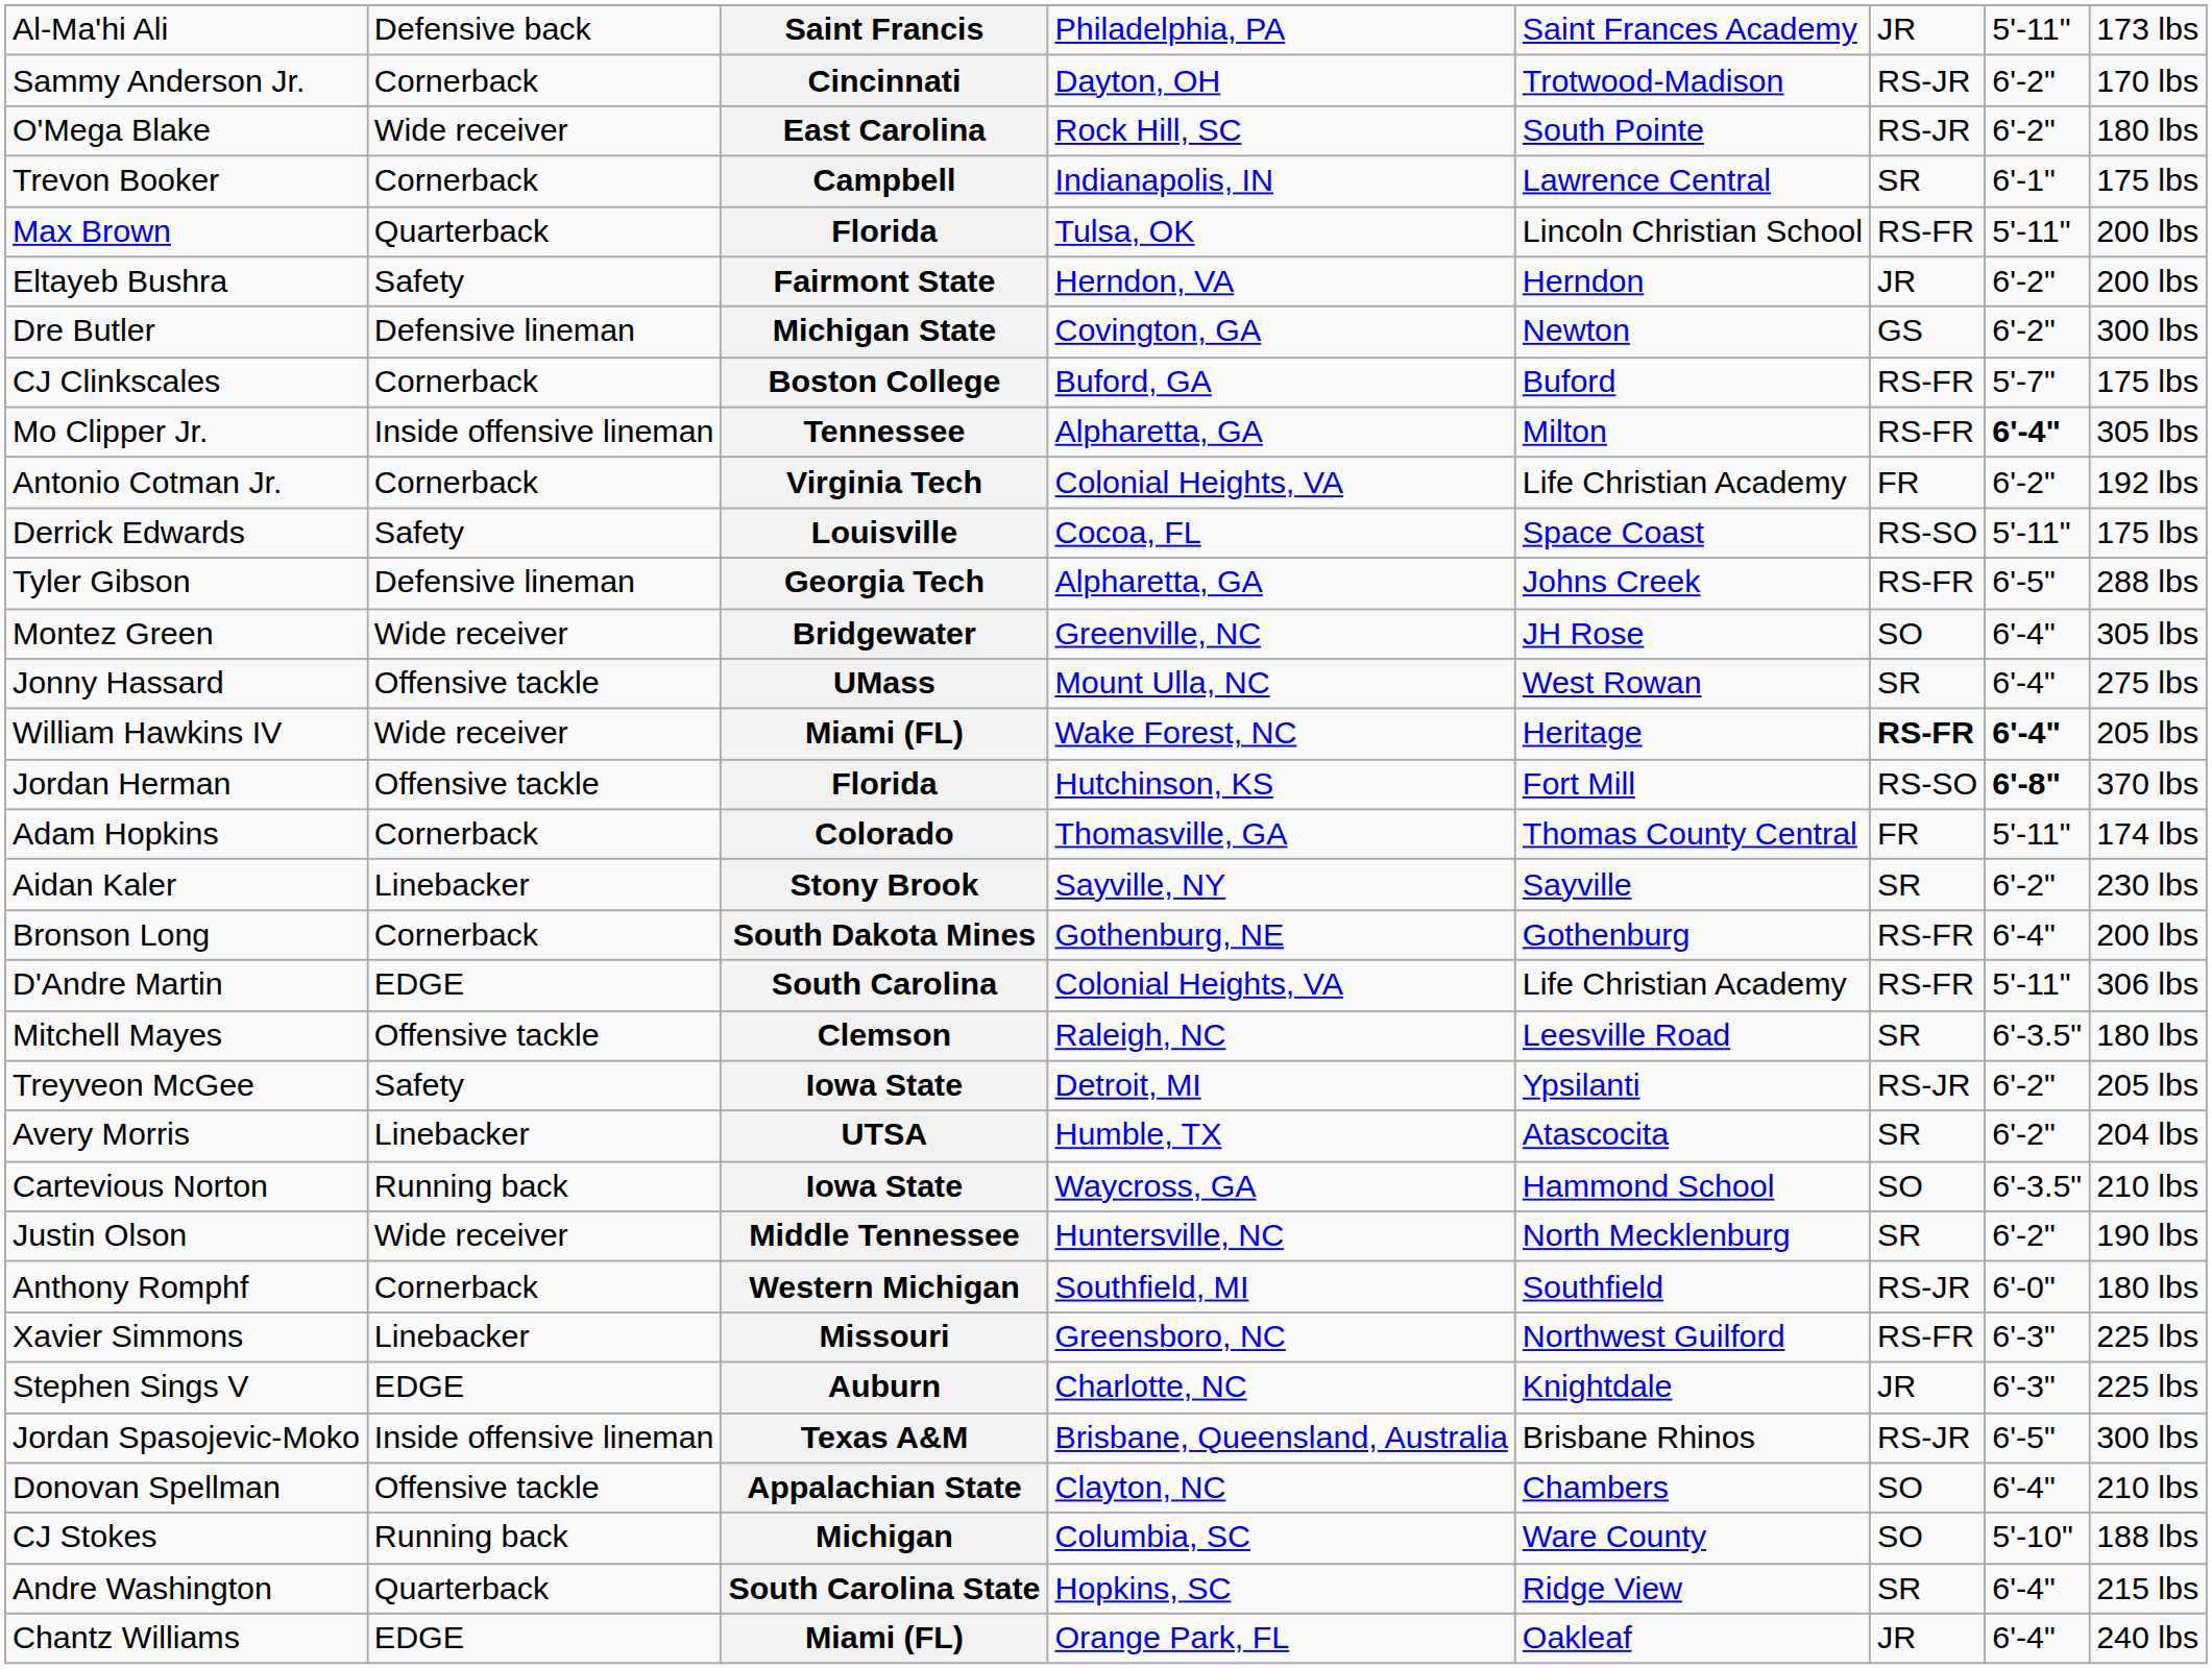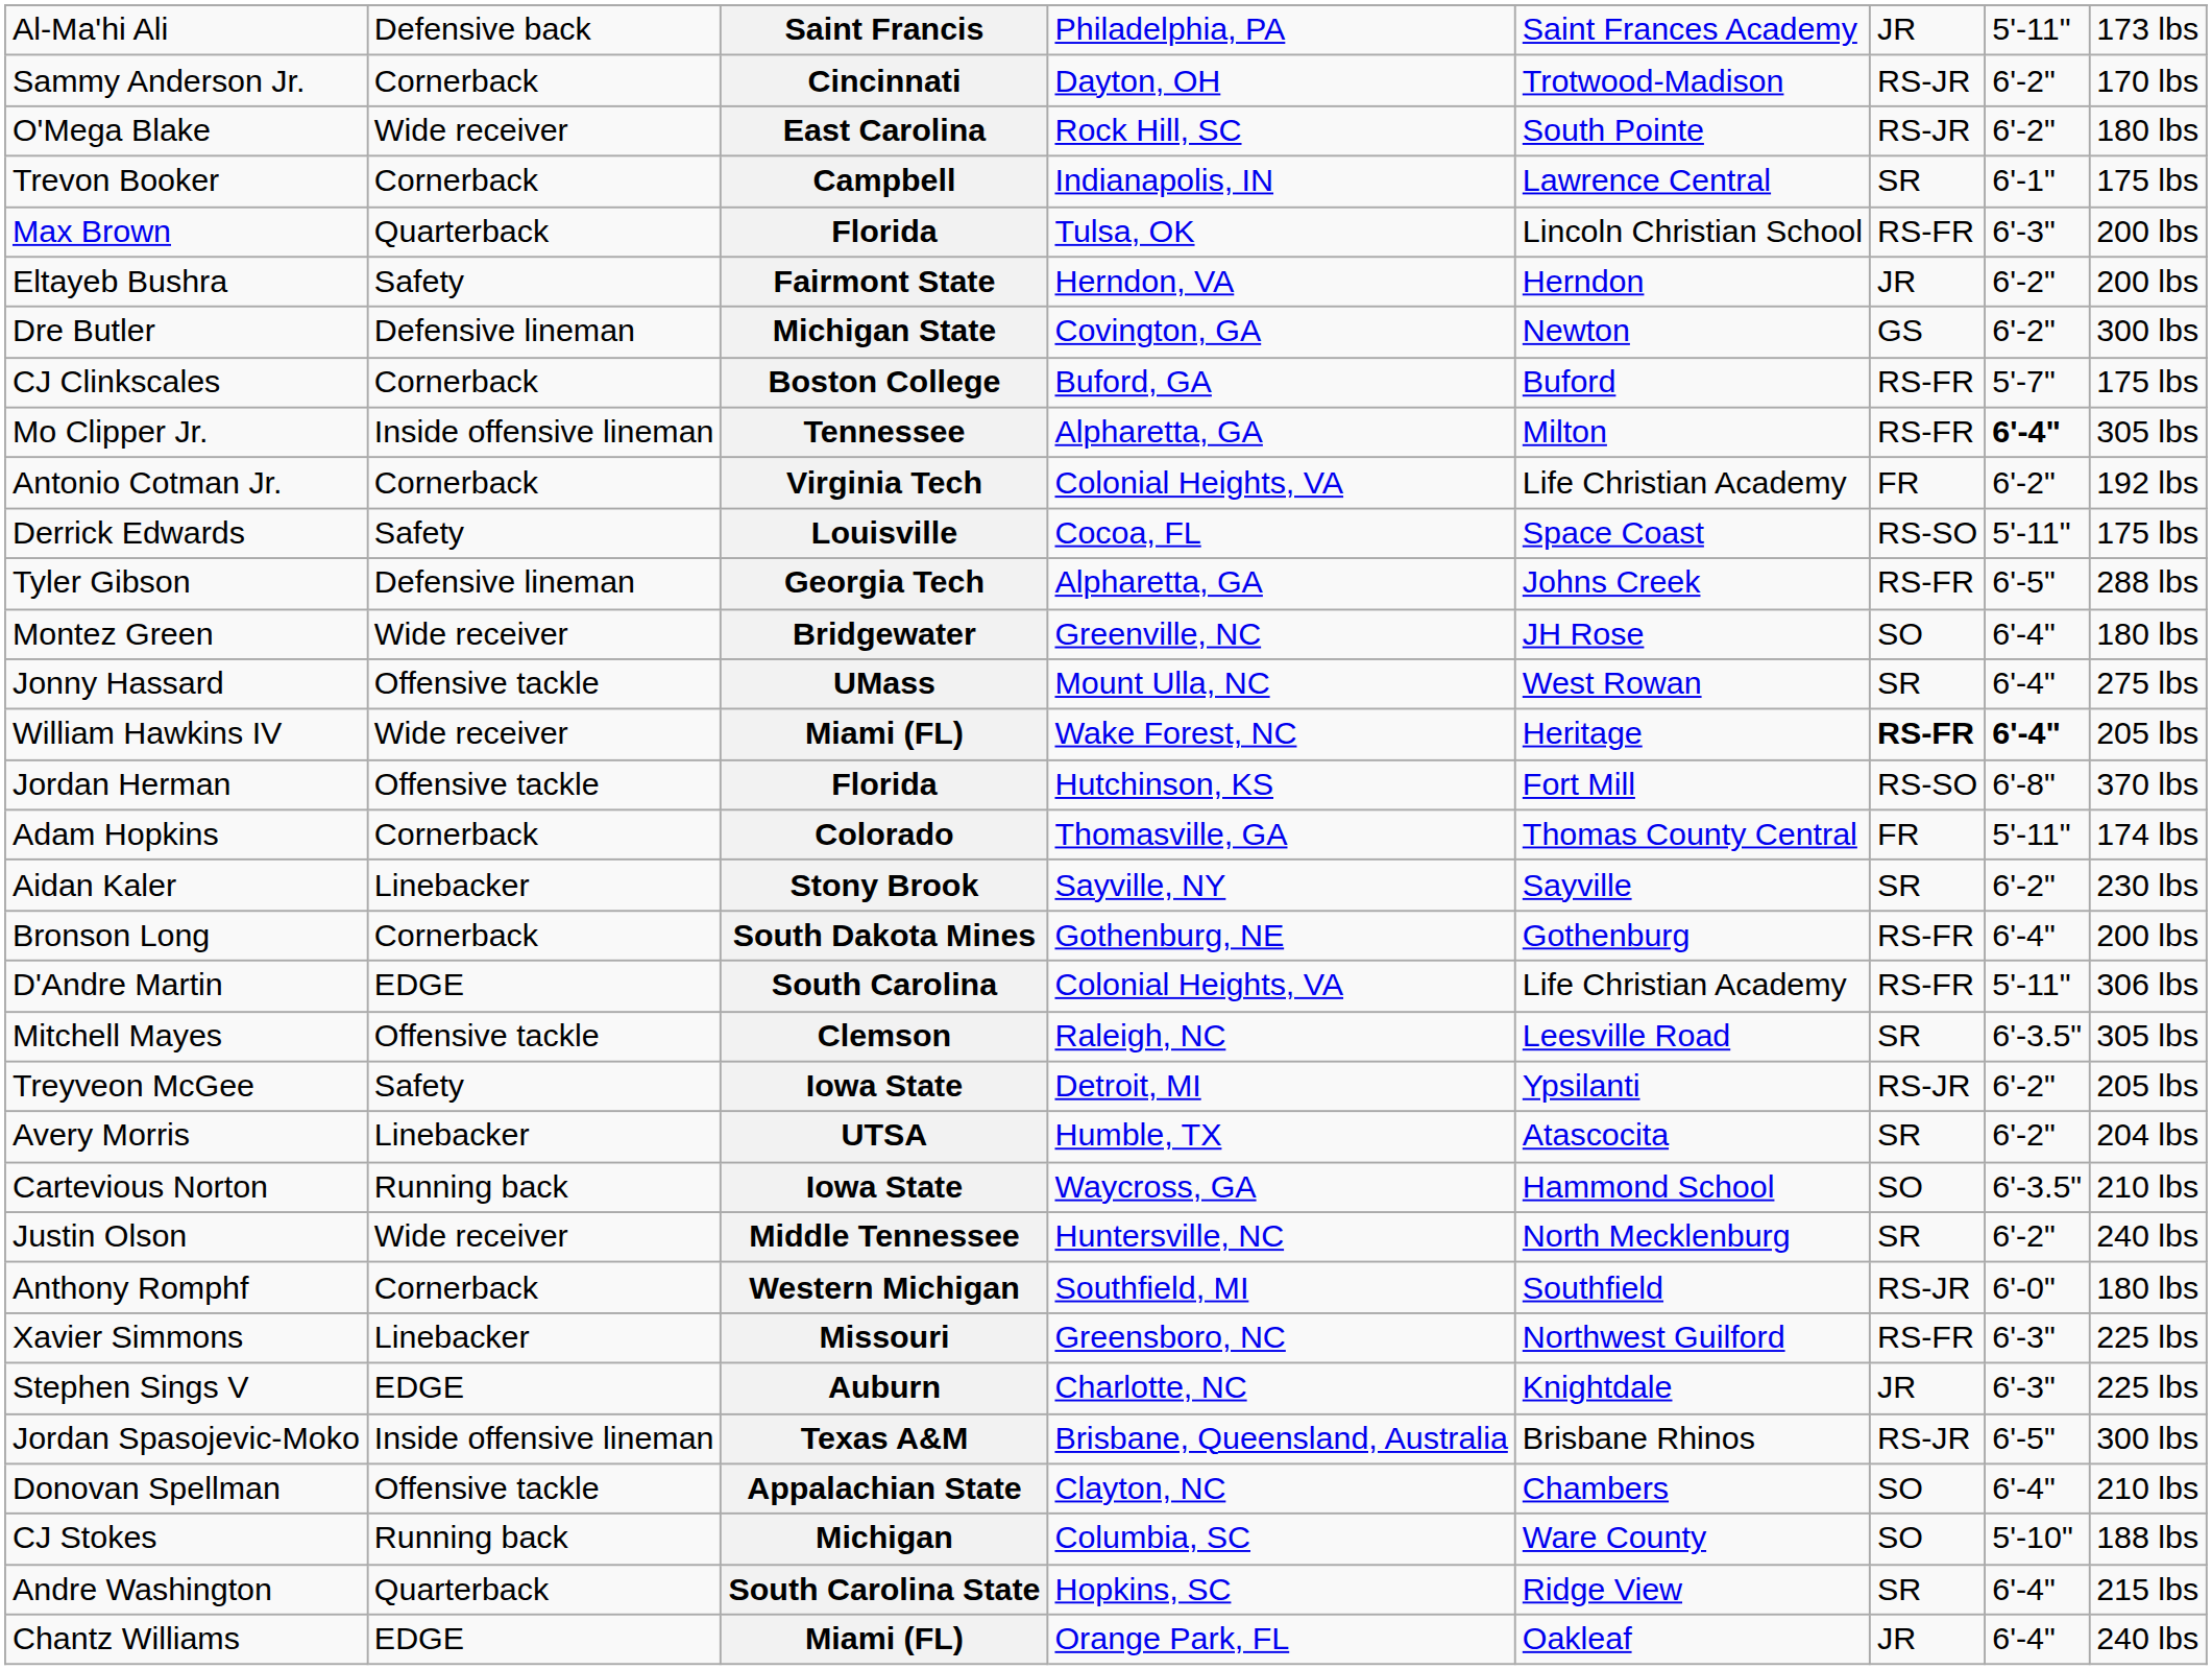 <table class="wikitable mw-collapsible mw-collapsed">
 <tr>
 </tr>
 <tr>
 <td>Al-Ma'hi Ali</td>
 <td>Defensive back</td>
 <th>Saint Francis</th>
 <td><a href='#'>Philadelphia, PA</a></td>
 <td><a href='#'>Saint Frances Academy</a></td>
 <td>JR</td>
 <td>5'-11"</td>
 <td>173 lbs</td>
 </tr>
 <tr>
 <td>Sammy Anderson Jr.</td>
 <td>Cornerback</td>
 <th>Cincinnati</th>
 <td><a href='#'>Dayton, OH</a></td>
 <td><a href='#'>Trotwood-Madison</a></td>
 <td>RS-JR</td>
 <td>6'-2"</td>
 <td>170 lbs</td>
 </tr>
 <tr>
 <td>O'Mega Blake</td>
 <td>Wide receiver</td>
 <th>East Carolina</th>
 <td><a href='#'>Rock Hill, SC</a></td>
 <td><a href='#'>South Pointe</a></td>
 <td>RS-JR</td>
 <td>6'-2"</td>
 <td>180 lbs</td>
 </tr>
 <tr>
 <td>Trevon Booker</td>
 <td>Cornerback</td>
 <th>Campbell</th>
 <td><a href='#'>Indianapolis, IN</a></td>
 <td><a href='#'>Lawrence Central</a></td>
 <td>SR</td>
 <td>6'-1"</td>
 <td>175 lbs</td>
 </tr>
 <tr>
 <td><a href='#'>Max Brown</a></td>
 <td>Quarterback</td>
 <th>Florida</th>
 <td><a href='#'>Tulsa, OK</a></td>
 <td>Lincoln Christian School</td>
 <td>RS-FR</td>
-<td>5'-11"</td>
+<td>6'-3"</td>
 <td>200 lbs</td>
 </tr>
 <tr>
 <td>Eltayeb Bushra</td>
 <td>Safety</td>
 <th>Fairmont State</th>
 <td><a href='#'>Herndon, VA</a></td>
 <td><a href='#'>Herndon</a></td>
 <td>JR</td>
 <td>6'-2"</td>
 <td>200 lbs</td>
 </tr>
 <tr>
 <td>Dre Butler</td>
 <td>Defensive lineman</td>
 <th>Michigan State</th>
 <td><a href='#'>Covington, GA</a></td>
 <td><a href='#'>Newton</a></td>
 <td>GS</td>
 <td>6'-2"</td>
 <td>300 lbs</td>
 </tr>
 <tr>
 <td>CJ Clinkscales</td>
 <td>Cornerback</td>
 <th>Boston College</th>
 <td><a href='#'>Buford, GA</a></td>
 <td><a href='#'>Buford</a></td>
 <td>RS-FR</td>
 <td>5'-7"</td>
 <td>175 lbs</td>
 </tr>
 <tr>
 <td>Mo Clipper Jr.</td>
 <td>Inside offensive lineman</td>
 <th>Tennessee</th>
 <td><a href='#'>Alpharetta, GA</a></td>
 <td><a href='#'>Milton</a></td>
 <td>RS-FR</td>
 <td><strong>6'-4"</strong></td>
 <td>305 lbs</td>
 </tr>
 <tr>
 <td>Antonio Cotman Jr.</td>
 <td>Cornerback</td>
 <th>Virginia Tech</th>
 <td><a href='#'>Colonial Heights, VA</a></td>
 <td>Life Christian Academy</td>
 <td>FR</td>
 <td>6'-2"</td>
 <td>192 lbs</td>
 </tr>
 <tr>
 <td>Derrick Edwards</td>
 <td>Safety</td>
 <th>Louisville</th>
 <td><a href='#'>Cocoa, FL</a></td>
 <td><a href='#'>Space Coast</a></td>
 <td>RS-SO</td>
 <td>5'-11"</td>
 <td>175 lbs</td>
 </tr>
 <tr>
 <td>Tyler Gibson</td>
 <td>Defensive lineman</td>
 <th>Georgia Tech</th>
 <td><a href='#'>Alpharetta, GA</a></td>
 <td><a href='#'>Johns Creek</a></td>
 <td>RS-FR</td>
 <td>6'-5"</td>
 <td>288 lbs</td>
 </tr>
 <tr>
 <td>Montez Green</td>
 <td>Wide receiver</td>
 <th>Bridgewater</th>
 <td><a href='#'>Greenville, NC</a></td>
 <td><a href='#'>JH Rose</a></td>
 <td>SO</td>
 <td>6'-4"</td>
-<td>305 lbs</td>
+<td>180 lbs</td>
 </tr>
 <tr>
 <td>Jonny Hassard</td>
 <td>Offensive tackle</td>
 <th>UMass</th>
 <td><a href='#'>Mount Ulla, NC</a></td>
 <td><a href='#'>West Rowan</a></td>
 <td>SR</td>
 <td>6'-4"</td>
 <td>275 lbs</td>
 </tr>
 <tr>
 <td>William Hawkins IV</td>
 <td>Wide receiver</td>
 <th>Miami (FL)</th>
 <td><a href='#'>Wake Forest, NC</a></td>
 <td><a href='#'>Heritage</a></td>
 <td><strong>RS-FR</strong></td>
 <td><strong>6'-4"</strong></td>
 <td>205 lbs</td>
 </tr>
 <tr>
 <td>Jordan Herman</td>
 <td>Offensive tackle</td>
 <th>Florida</th>
 <td><a href='#'>Hutchinson, KS</a></td>
 <td><a href='#'>Fort Mill</a></td>
 <td>RS-SO</td>
-<td><strong>6'-8"</strong></td>
+<td>6'-8"</td>
 <td>370 lbs</td>
 </tr>
 <tr>
 <td>Adam Hopkins</td>
 <td>Cornerback</td>
 <th>Colorado</th>
 <td><a href='#'>Thomasville, GA</a></td>
 <td><a href='#'>Thomas County Central</a></td>
 <td>FR</td>
 <td>5'-11"</td>
 <td>174 lbs</td>
 </tr>
 <tr>
 <td>Aidan Kaler</td>
 <td>Linebacker</td>
 <th>Stony Brook</th>
 <td><a href='#'>Sayville, NY</a></td>
 <td><a href='#'>Sayville</a></td>
 <td>SR</td>
 <td>6'-2"</td>
 <td>230 lbs</td>
 </tr>
 <tr>
 <td>Bronson Long</td>
 <td>Cornerback</td>
 <th>South Dakota Mines</th>
 <td><a href='#'>Gothenburg, NE</a></td>
 <td><a href='#'>Gothenburg</a></td>
 <td>RS-FR</td>
 <td>6'-4"</td>
 <td>200 lbs</td>
 </tr>
 <tr>
 <td>D'Andre Martin</td>
 <td>EDGE</td>
 <th>South Carolina</th>
 <td><a href='#'>Colonial Heights, VA</a></td>
 <td>Life Christian Academy</td>
 <td>RS-FR</td>
 <td>5'-11"</td>
 <td>306 lbs</td>
 </tr>
 <tr>
 <td>Mitchell Mayes</td>
 <td>Offensive tackle</td>
 <th>Clemson</th>
 <td><a href='#'>Raleigh, NC</a></td>
 <td><a href='#'>Leesville Road</a></td>
 <td>SR</td>
 <td>6'-3.5"</td>
-<td>180 lbs</td>
+<td>305 lbs</td>
 </tr>
 <tr>
 <td>Treyveon McGee</td>
 <td>Safety</td>
 <th>Iowa State</th>
 <td><a href='#'>Detroit, MI</a></td>
 <td><a href='#'>Ypsilanti</a></td>
 <td>RS-JR</td>
 <td>6'-2"</td>
 <td>205 lbs</td>
 </tr>
 <tr>
 <td>Avery Morris</td>
 <td>Linebacker</td>
 <th>UTSA</th>
 <td><a href='#'>Humble, TX</a></td>
 <td><a href='#'>Atascocita</a></td>
 <td>SR</td>
 <td>6'-2"</td>
 <td>204 lbs</td>
 </tr>
 <tr>
 <td>Cartevious Norton</td>
 <td>Running back</td>
 <th>Iowa State</th>
 <td><a href='#'>Waycross, GA</a></td>
 <td><a href='#'>Hammond School</a></td>
 <td>SO</td>
 <td>6'-3.5"</td>
 <td>210 lbs</td>
 </tr>
 <tr>
 <td>Justin Olson</td>
 <td>Wide receiver</td>
 <th>Middle Tennessee</th>
 <td><a href='#'>Huntersville, NC</a></td>
 <td><a href='#'>North Mecklenburg</a></td>
 <td>SR</td>
 <td>6'-2"</td>
-<td>190 lbs</td>
+<td>240 lbs</td>
 </tr>
 <tr>
 <td>Anthony Romphf</td>
 <td>Cornerback</td>
 <th>Western Michigan</th>
 <td><a href='#'>Southfield, MI</a></td>
 <td><a href='#'>Southfield</a></td>
 <td>RS-JR</td>
 <td>6'-0"</td>
 <td>180 lbs</td>
 </tr>
 <tr>
 <td>Xavier Simmons</td>
 <td>Linebacker</td>
 <th>Missouri</th>
 <td><a href='#'>Greensboro, NC</a></td>
 <td><a href='#'>Northwest Guilford</a></td>
 <td>RS-FR</td>
 <td>6'-3"</td>
 <td>225 lbs</td>
 </tr>
 <tr>
 <td>Stephen Sings V</td>
 <td>EDGE</td>
 <th>Auburn</th>
 <td><a href='#'>Charlotte, NC</a></td>
 <td><a href='#'>Knightdale</a></td>
 <td>JR</td>
 <td>6'-3"</td>
 <td>225 lbs</td>
 </tr>
 <tr>
 <td>Jordan Spasojevic-Moko</td>
 <td>Inside offensive lineman</td>
 <th>Texas A&M</th>
 <td><a href='#'>Brisbane, Queensland, Australia</a></td>
 <td>Brisbane Rhinos</td>
 <td>RS-JR</td>
 <td>6'-5"</td>
 <td>300 lbs</td>
 </tr>
 <tr>
 <td>Donovan Spellman</td>
 <td>Offensive tackle</td>
 <th>Appalachian State</th>
 <td><a href='#'>Clayton, NC</a></td>
 <td><a href='#'>Chambers</a></td>
 <td>SO</td>
 <td>6'-4"</td>
 <td>210 lbs</td>
 </tr>
 <tr>
 <td>CJ Stokes</td>
 <td>Running back</td>
 <th>Michigan</th>
 <td><a href='#'>Columbia, SC</a></td>
 <td><a href='#'>Ware County</a></td>
 <td>SO</td>
 <td>5'-10"</td>
 <td>188 lbs</td>
 </tr>
 <tr>
 <td>Andre Washington</td>
 <td>Quarterback</td>
 <th>South Carolina State</th>
 <td><a href='#'>Hopkins, SC</a></td>
 <td><a href='#'>Ridge View</a></td>
 <td>SR</td>
 <td>6'-4"</td>
 <td>215 lbs</td>
 </tr>
 <tr>
 <td>Chantz Williams</td>
 <td>EDGE</td>
 <th>Miami (FL)</th>
 <td><a href='#'>Orange Park, FL</a></td>
 <td><a href='#'>Oakleaf</a></td>
 <td>JR</td>
 <td>6'-4"</td>
 <td>240 lbs</td>
 </tr>
 </table>
